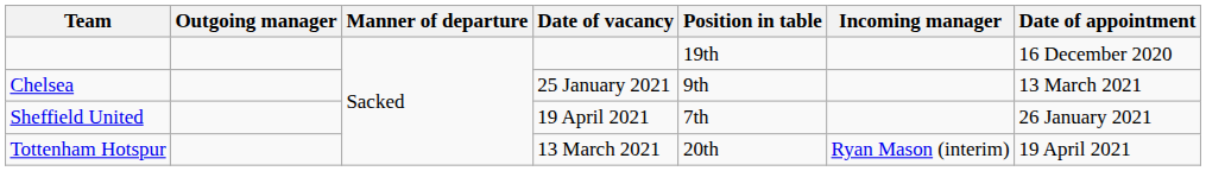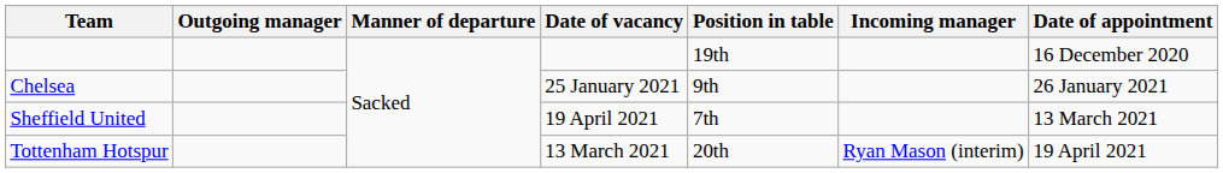 <table class="wikitable sortable">
 <tr>
 <th>Team</th>
 <th>Outgoing manager</th>
 <th>Manner of departure</th>
 <th>Date of vacancy</th>
 <th>Position in table</th>
 <th>Incoming manager</th>
 <th>Date of appointment</th>
 </tr>
 <tr>
 <td></td>
 <td> </td>
 <td rowspan=4>Sacked</td>
 <td></td>
 <td>19th</td>
 <td> </td>
 <td>16 December 2020</td>
 </tr>
 <tr>
 <td><a href='#'>Chelsea</a></td>
 <td></td>
 <td>25 January 2021</td>
 <td>9th</td>
 <td> </td>
-<td>13 March 2021</td>
+<td>26 January 2021</td>
 </tr>
 <tr>
 <td><a href='#'>Sheffield United</a></td>
 <td> </td>
 <td>19 April 2021</td>
 <td>7th</td>
 <td></td>
-<td>26 January 2021</td>
+<td>13 March 2021</td>
 </tr>
 <tr>
 <td><a href='#'>Tottenham Hotspur</a></td>
 <td> </td>
 <td>13 March 2021</td>
 <td>20th</td>
 <td> <a href='#'>Ryan Mason</a> (interim)</td>
 <td>19 April 2021</td>
 </tr>
 </table>
